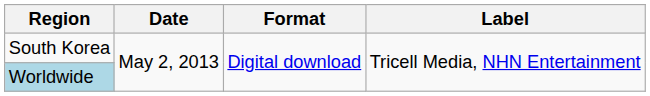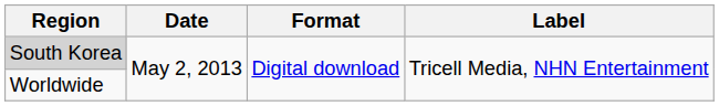 <table class="wikitable">
 <tr>
 <th>Region</th>
 <th>Date</th>
 <th>Format</th>
 <th>Label</th>
 </tr>
 <tr>
-<td>South Korea</td>
+<td style="background: lightgrey;">South Korea</td>
 <td rowspan="2">May 2, 2013</td>
 <td rowspan="2"><a href='#'>Digital download</a></td>
 <td rowspan="2">Tricell Media, <a href='#'>NHN Entertainment</a></td>
 </tr>
 <tr>
-<td style="background: lightblue;">Worldwide</td>
+<td>Worldwide</td>
 </tr>
 </table>
